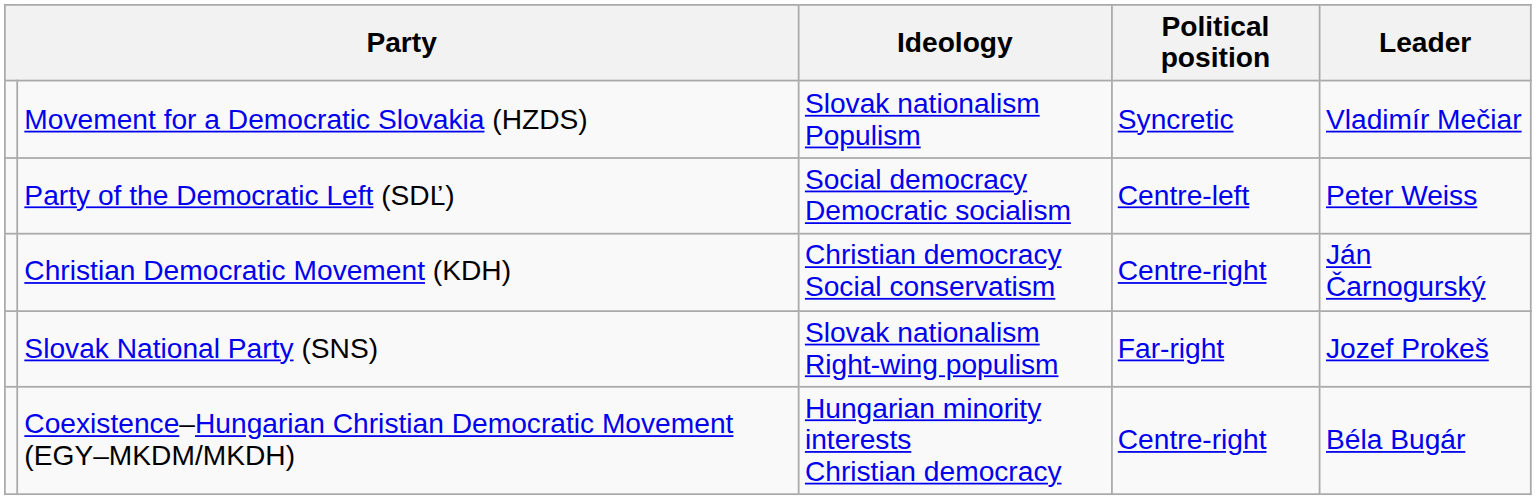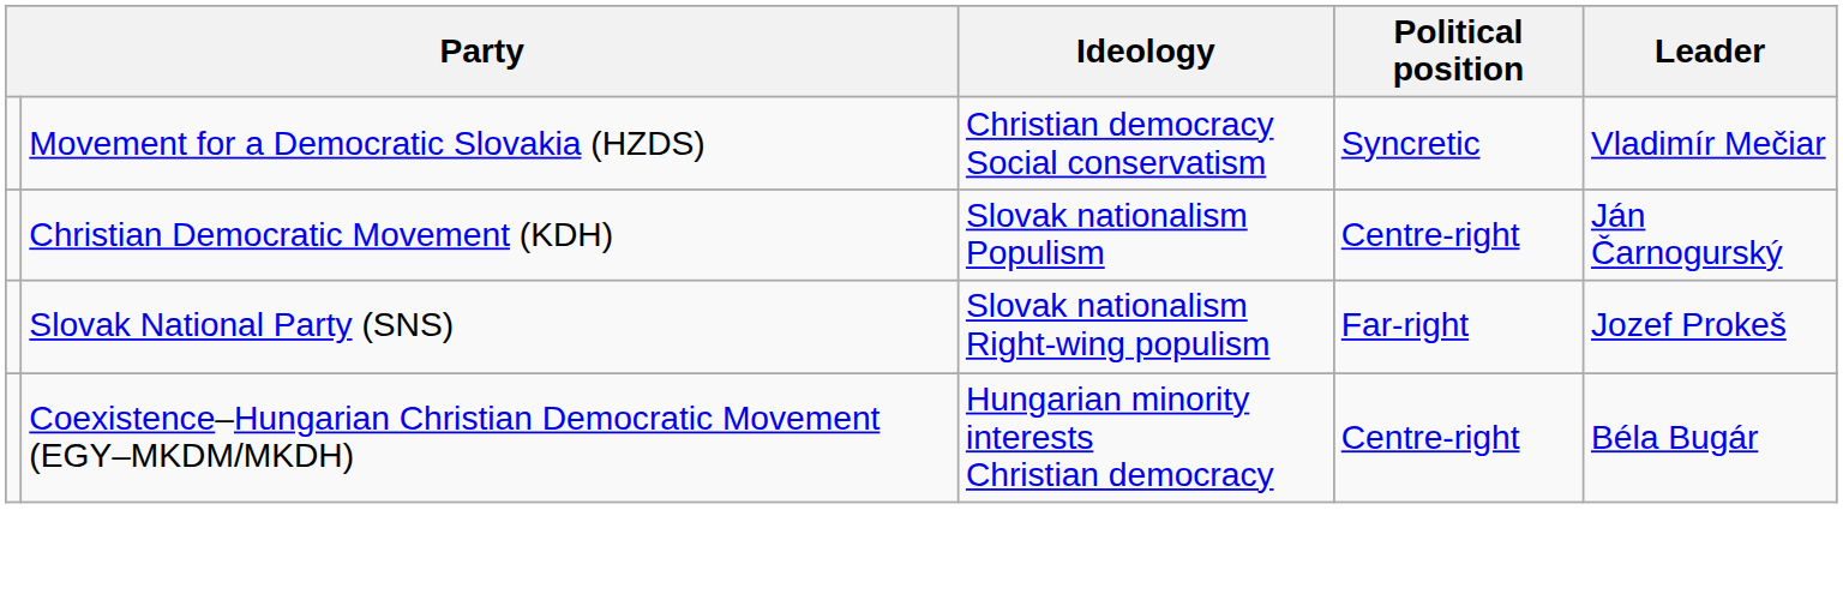 <table class="wikitable">
 <tr>
 <th colspan="2">Party</th>
 <th>Ideology</th>
 <th>Political position</th>
 <th>Leader</th>
 </tr>
 <tr>
 <td style="background:"></td>
 <td><a href='#'>Movement for a Democratic Slovakia</a> (HZDS)</td>
-<td><a href='#'>Slovak nationalism</a><br><a href='#'>Populism</a></td>
+<td><a href='#'>Christian democracy</a><br><a href='#'>Social conservatism</a></td>
 <td><a href='#'>Syncretic</a></td>
 <td><a href='#'>Vladimír Mečiar</a></td>
 </tr>
 <tr>
 <td style="background:"></td>
-<td><a href='#'>Party of the Democratic Left</a> (SDĽ)</td>
-<td><a href='#'>Social democracy</a><br><a href='#'>Democratic socialism</a></td>
-<td><a href='#'>Centre-left</a></td>
-<td><a href='#'>Peter Weiss</a></td>
-</tr>
-<tr>
-<td style="background:"></td>
 <td><a href='#'>Christian Democratic Movement</a> (KDH)</td>
-<td><a href='#'>Christian democracy</a><br><a href='#'>Social conservatism</a></td>
+<td><a href='#'>Slovak nationalism</a><br><a href='#'>Populism</a></td>
 <td><a href='#'>Centre-right</a></td>
 <td><a href='#'>Ján Čarnogurský</a></td>
 </tr>
 <tr>
 <td style="background:"></td>
 <td><a href='#'>Slovak National Party</a> (SNS)</td>
 <td><a href='#'>Slovak nationalism</a><br><a href='#'>Right-wing populism</a></td>
 <td><a href='#'>Far-right</a></td>
 <td><a href='#'>Jozef Prokeš</a></td>
 </tr>
 <tr>
 <td style="background:"></td>
 <td><a href='#'>Coexistence</a>–<a href='#'>Hungarian Christian Democratic Movement</a> (EGY–MKDM/MKDH)</td>
 <td><a href='#'>Hungarian minority interests</a><br><a href='#'>Christian democracy</a></td>
 <td><a href='#'>Centre-right</a></td>
 <td><a href='#'>Béla Bugár</a></td>
 </tr>
 </table>
